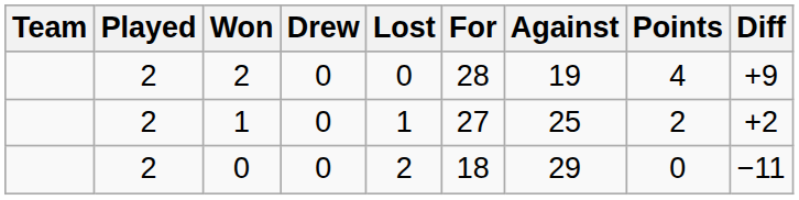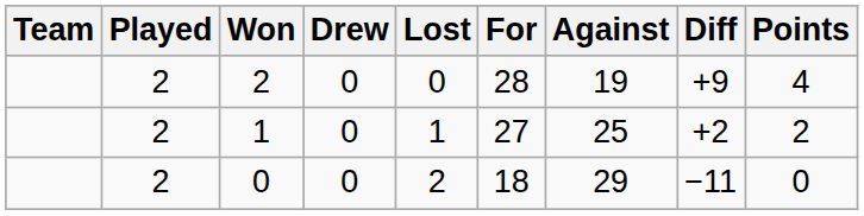 <table class="wikitable" style="text-align:center">
 <tr>
 <th>Team</th>
 <th>Played</th>
 <th>Won</th>
 <th>Drew</th>
 <th>Lost</th>
 <th>For</th>
 <th>Against</th>
+<th>Diff</th>
 <th>Points</th>
-<th>Diff</th>
 </tr>
 <tr>
 <td align=left></td>
 <td>2</td>
 <td>2</td>
 <td>0</td>
 <td>0</td>
 <td>28</td>
 <td>19</td>
+<td>+9</td>
 <td>4</td>
-<td>+9</td>
 </tr>
 <tr>
 <td align=left></td>
 <td>2</td>
 <td>1</td>
 <td>0</td>
 <td>1</td>
 <td>27</td>
 <td>25</td>
+<td>+2</td>
 <td>2</td>
-<td>+2</td>
 </tr>
 <tr>
 <td align=left></td>
 <td>2</td>
 <td>0</td>
 <td>0</td>
 <td>2</td>
 <td>18</td>
 <td>29</td>
+<td>−11</td>
 <td>0</td>
-<td>−11</td>
 </tr>
 </table>
